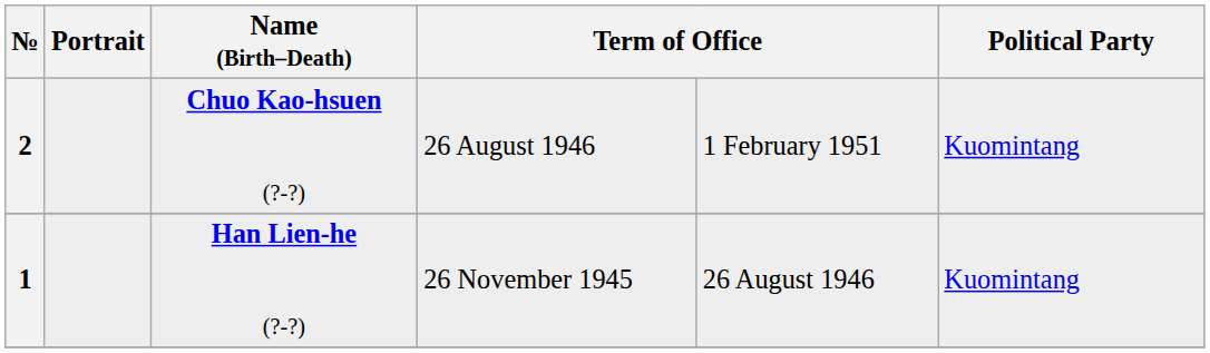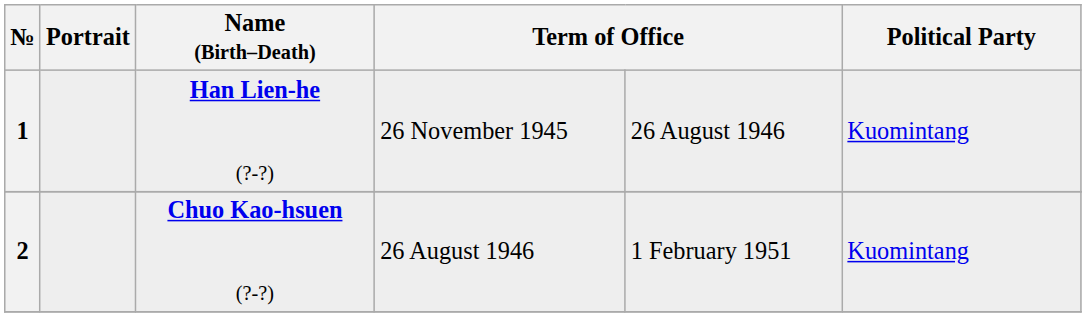 <table class="wikitable">
 <tr ->
 <th>№</th>
 <th>Portrait</th>
 <th width="150">Name<br><small>(Birth–Death)</small></th>
 <th colspan=2 width="300">Term of Office</th>
 <th width="150">Political Party</th>
+</tr>
+<tr - bgcolor=#EEEEEE>
+<th style="background:">1</th>
+<td></td>
+<td align=center><strong><a href='#'>Han Lien-he</a></strong><br><span></span><br><small><br>(?-?)</small></td>
+<td>26 November 1945</td>
+<td>26 August 1946</td>
+<td><a href='#'>Kuomintang</a></td>
+</tr>
+<tr ->
 </tr>
 <tr - bgcolor=#EEEEEE>
 <th style="background:">2</th>
 <td></td>
 <td align=center><strong><a href='#'>Chuo Kao-hsuen</a></strong><br><span></span><br><small><br>(?-?)</small></td>
 <td>26 August 1946</td>
 <td>1 February 1951</td>
 <td><a href='#'>Kuomintang</a></td>
 </tr>
 <tr ->
 </tr>
-<tr - bgcolor=#EEEEEE>
-<th style="background:">1</th>
-<td></td>
-<td align=center><strong><a href='#'>Han Lien-he</a></strong><br><span></span><br><small><br>(?-?)</small></td>
-<td>26 November 1945</td>
-<td>26 August 1946</td>
-<td><a href='#'>Kuomintang</a></td>
-</tr>
-<tr ->
-</tr>
 </table>
